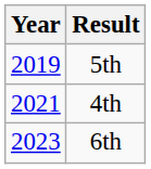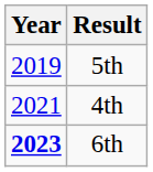 <table class="wikitable" style="text-align:center">
 <tr>
 <th>Year</th>
 <th>Result</th>
 </tr>
 <tr>
 <td><a href='#'>2019</a></td>
 <td>5th</td>
 </tr>
 <tr>
 <td><a href='#'>2021</a></td>
 <td>4th</td>
 </tr>
 <tr>
-<td><a href='#'>2023</a></td>
+<td><strong><a href='#'>2023</a></strong></td>
 <td>6th</td>
 </tr>
 </table>
